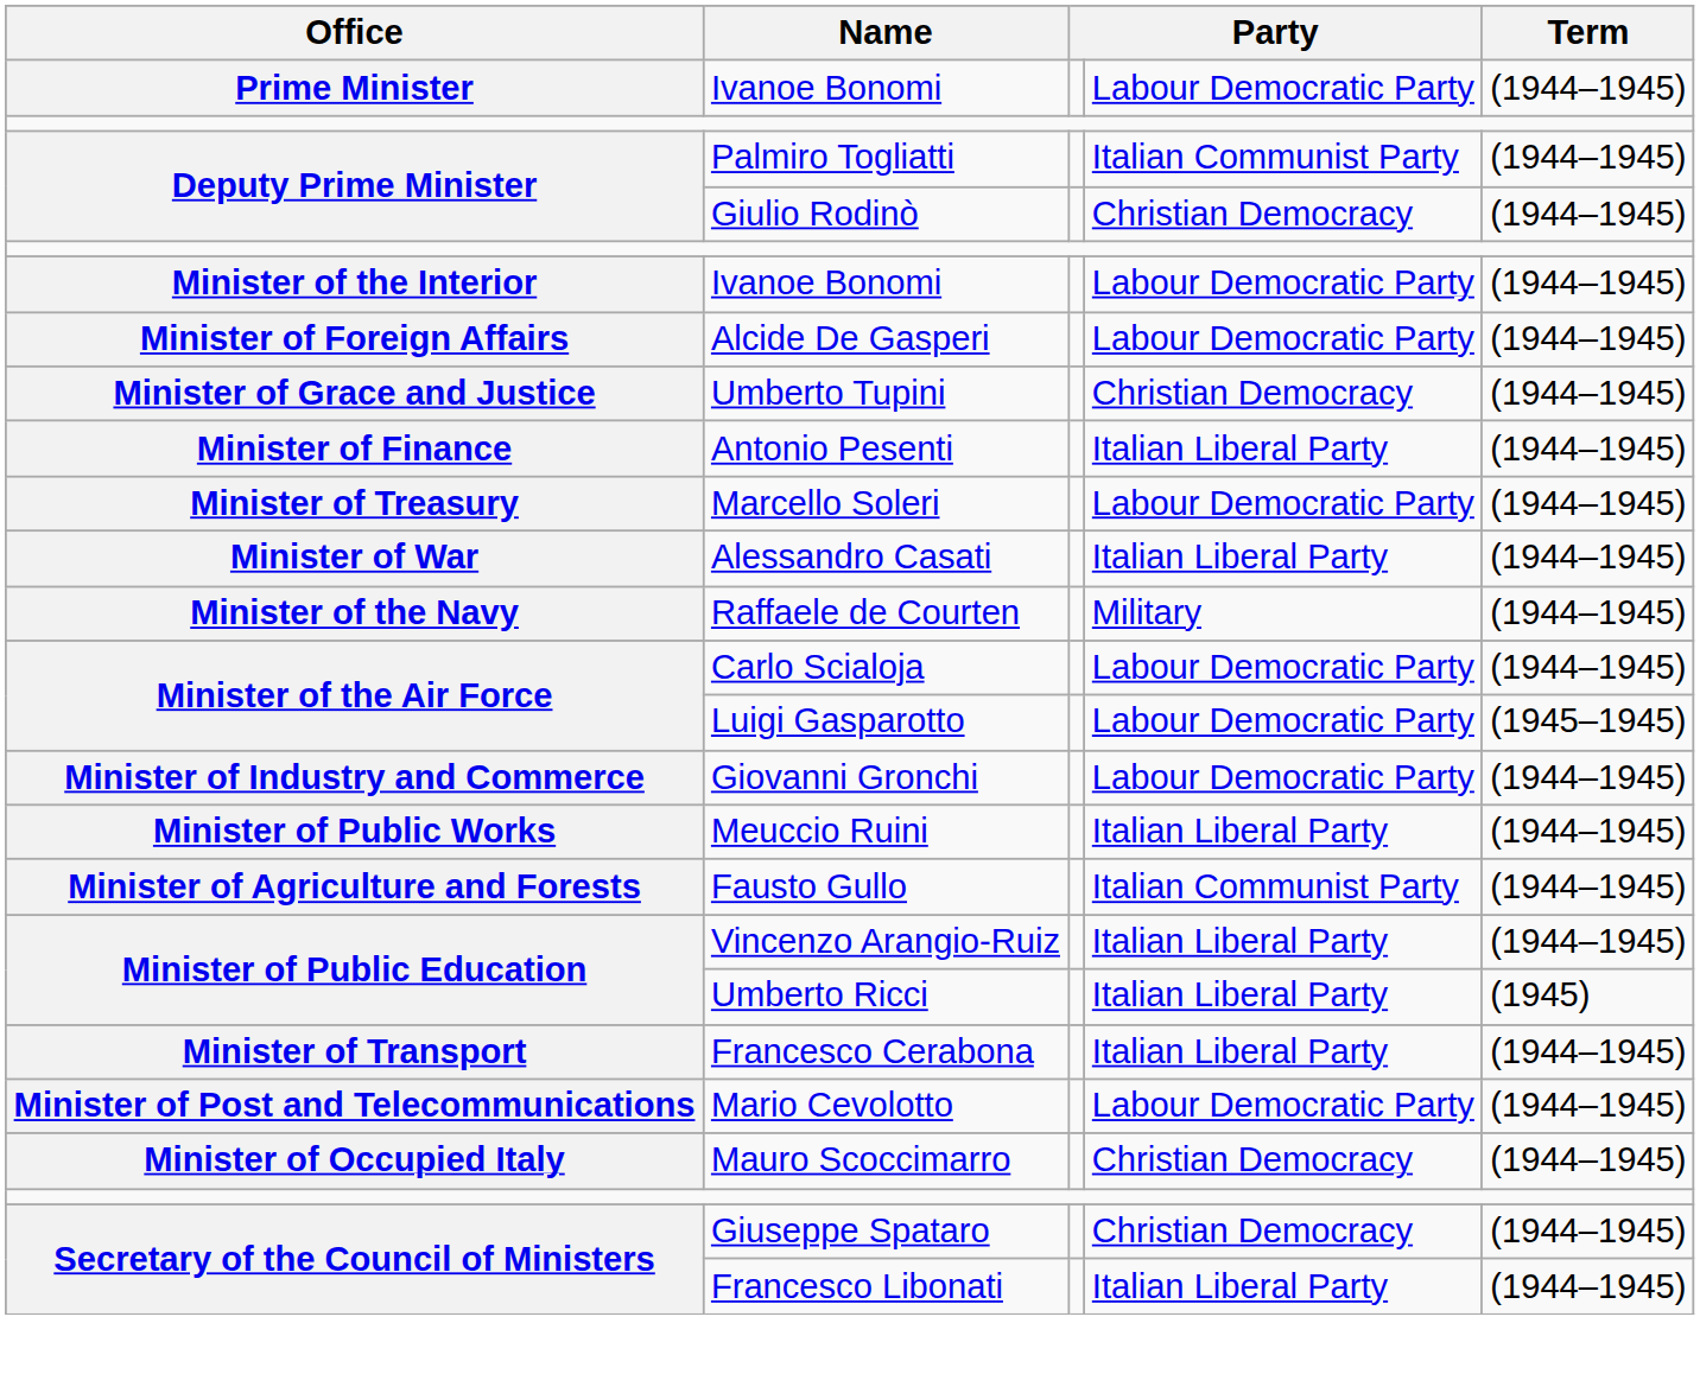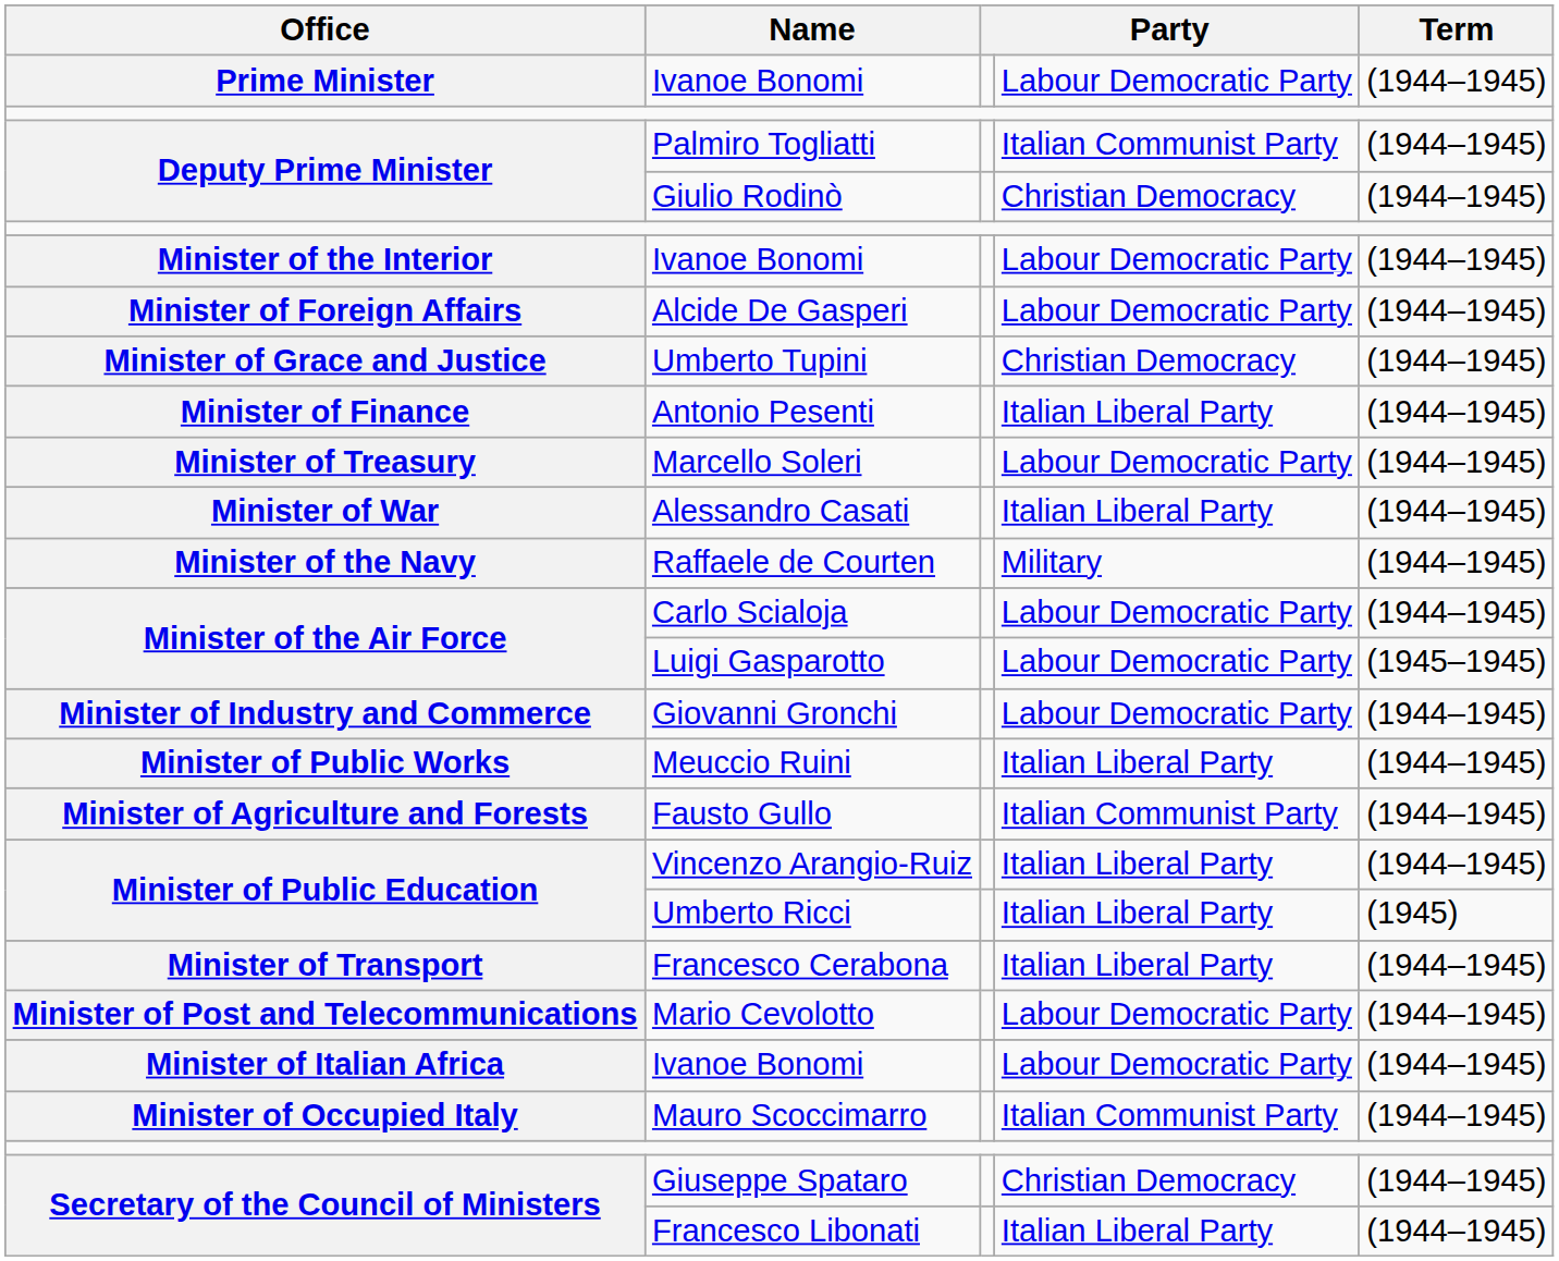 <table class="wikitable" style="font-size: 100%;">
 <tr>
 <th>Office</th>
 <th>Name</th>
 <th colspan=2>Party</th>
 <th>Term</th>
 </tr>
 <tr>
 <th><a href='#'>Prime Minister</a></th>
 <td><a href='#'>Ivanoe Bonomi</a></td>
 <td style="color:inherit;background:"></td>
 <td><a href='#'>Labour Democratic Party</a></td>
 <td>(1944–1945)</td>
 </tr>
 <tr>
 <td colspan=5></td>
 </tr>
 <tr>
 <th rowspan=2><a href='#'>Deputy Prime Minister</a></th>
 <td><a href='#'>Palmiro Togliatti</a></td>
 <td style="color:inherit;background:"></td>
 <td><a href='#'>Italian Communist Party</a></td>
 <td>(1944–1945)</td>
 </tr>
 <tr>
 <td><a href='#'>Giulio Rodinò</a></td>
 <td style="color:inherit;background:"></td>
 <td><a href='#'>Christian Democracy</a></td>
 <td>(1944–1945)</td>
 </tr>
 <tr>
 <td colspan=5></td>
 </tr>
 <tr>
 <th><a href='#'>Minister of the Interior</a></th>
 <td><a href='#'>Ivanoe Bonomi</a></td>
 <td style="color:inherit;background:"></td>
 <td><a href='#'>Labour Democratic Party</a></td>
 <td>(1944–1945)</td>
 </tr>
 <tr>
 <th><a href='#'>Minister of Foreign Affairs</a></th>
 <td><a href='#'>Alcide De Gasperi</a></td>
 <td style="color:inherit;background:"></td>
 <td><a href='#'>Labour Democratic Party</a></td>
 <td>(1944–1945)</td>
 </tr>
 <tr>
 <th><a href='#'>Minister of Grace and Justice</a></th>
 <td><a href='#'>Umberto Tupini</a></td>
 <td style="color:inherit;background:"></td>
 <td><a href='#'>Christian Democracy</a></td>
 <td>(1944–1945)</td>
 </tr>
 <tr>
 <th><a href='#'>Minister of Finance</a></th>
 <td><a href='#'>Antonio Pesenti</a></td>
 <td style="color:inherit;background:"></td>
 <td><a href='#'>Italian Liberal Party</a></td>
 <td>(1944–1945)</td>
 </tr>
 <tr>
 <th><a href='#'>Minister of Treasury</a></th>
 <td><a href='#'>Marcello Soleri</a></td>
 <td style="color:inherit;background:"></td>
 <td><a href='#'>Labour Democratic Party</a></td>
 <td>(1944–1945)</td>
 </tr>
 <tr>
 <th><a href='#'>Minister of War</a></th>
 <td><a href='#'>Alessandro Casati</a></td>
 <td style="color:inherit;background:"></td>
 <td><a href='#'>Italian Liberal Party</a></td>
 <td>(1944–1945)</td>
 </tr>
 <tr>
 <th><a href='#'>Minister of the Navy</a></th>
 <td><a href='#'>Raffaele de Courten</a></td>
 <td style="color:inherit;background:"></td>
 <td><a href='#'>Military</a></td>
 <td>(1944–1945)</td>
 </tr>
 <tr>
 <th rowspan=2><a href='#'>Minister of the Air Force</a></th>
 <td><a href='#'>Carlo Scialoja</a></td>
 <td style="color:inherit;background:"></td>
 <td><a href='#'>Labour Democratic Party</a></td>
 <td>(1944–1945)</td>
 </tr>
 <tr>
 <td><a href='#'>Luigi Gasparotto</a></td>
 <td style="color:inherit;background:"></td>
 <td><a href='#'>Labour Democratic Party</a></td>
 <td>(1945–1945)</td>
 </tr>
 <tr>
 <th><a href='#'>Minister of Industry and Commerce</a></th>
 <td><a href='#'>Giovanni Gronchi</a></td>
 <td style="color:inherit;background:"></td>
 <td><a href='#'>Labour Democratic Party</a></td>
 <td>(1944–1945)</td>
 </tr>
 <tr>
 <th><a href='#'>Minister of Public Works</a></th>
 <td><a href='#'>Meuccio Ruini</a></td>
 <td style="color:inherit;background:"></td>
 <td><a href='#'>Italian Liberal Party</a></td>
 <td>(1944–1945)</td>
 </tr>
 <tr>
 <th><a href='#'>Minister of Agriculture and Forests</a></th>
 <td><a href='#'>Fausto Gullo</a></td>
 <td style="color:inherit;background:"></td>
 <td><a href='#'>Italian Communist Party</a></td>
 <td>(1944–1945)</td>
 </tr>
 <tr>
 <th ! rowspan=2><a href='#'>Minister of Public Education</a></th>
 <td><a href='#'>Vincenzo Arangio-Ruiz</a></td>
 <td style="color:inherit;background:"></td>
 <td><a href='#'>Italian Liberal Party</a></td>
 <td>(1944–1945)</td>
 </tr>
 <tr>
 <td><a href='#'>Umberto Ricci</a></td>
 <td style="color:inherit;background:"></td>
 <td><a href='#'>Italian Liberal Party</a></td>
 <td>(1945)</td>
 </tr>
 <tr>
 <th><a href='#'>Minister of Transport</a></th>
 <td><a href='#'>Francesco Cerabona</a></td>
 <td style="color:inherit;background:"></td>
 <td><a href='#'>Italian Liberal Party</a></td>
 <td>(1944–1945)</td>
 </tr>
 <tr>
 <th><a href='#'>Minister of Post and Telecommunications</a></th>
 <td><a href='#'>Mario Cevolotto</a></td>
 <td style="color:inherit;background:"></td>
 <td><a href='#'>Labour Democratic Party</a></td>
 <td>(1944–1945)</td>
 </tr>
 <tr>
+<th><a href='#'>Minister of Italian Africa</a></th>
+<td><a href='#'>Ivanoe Bonomi</a></td>
+<td style="color:inherit;background:"></td>
+<td><a href='#'>Labour Democratic Party</a></td>
+<td>(1944–1945)</td>
+</tr>
+<tr>
 <th><a href='#'>Minister of Occupied Italy</a></th>
 <td><a href='#'>Mauro Scoccimarro</a></td>
 <td style="color:inherit;background:"></td>
-<td><a href='#'>Christian Democracy</a></td>
+<td><a href='#'>Italian Communist Party</a></td>
 <td>(1944–1945)</td>
 </tr>
 <tr>
 <td colspan=5></td>
 </tr>
 <tr>
 <th rowspan=2><a href='#'>Secretary of the Council of Ministers</a></th>
 <td><a href='#'>Giuseppe Spataro</a></td>
 <td style="color:inherit;background:"></td>
 <td><a href='#'>Christian Democracy</a></td>
 <td>(1944–1945)</td>
 </tr>
 <tr>
 <td><a href='#'>Francesco Libonati</a></td>
 <td style="color:inherit;background:"></td>
 <td><a href='#'>Italian Liberal Party</a></td>
 <td>(1944–1945)</td>
 </tr>
 </table>
